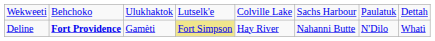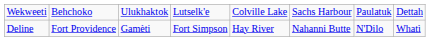 <table class="wikitable">
 <tr>
 <td><a href='#'>Wekweeti</a></td>
 <td><a href='#'>Behchoko</a></td>
 <td><a href='#'>Ulukhaktok</a></td>
 <td><a href='#'>Lutselk'e</a></td>
 <td><a href='#'>Colville Lake</a></td>
 <td><a href='#'>Sachs Harbour</a></td>
 <td><a href='#'>Paulatuk</a></td>
 <td><a href='#'>Dettah</a></td>
 </tr>
 <tr>
 <td><a href='#'>Deline</a></td>
-<td><strong><a href='#'>Fort Providence</a></strong></td>
+<td><a href='#'>Fort Providence</a></td>
 <td><a href='#'>Gamèti</a></td>
-<td style="background: khaki;"><a href='#'>Fort Simpson</a></td>
+<td><a href='#'>Fort Simpson</a></td>
 <td><a href='#'>Hay River</a></td>
 <td><a href='#'>Nahanni Butte</a></td>
 <td><a href='#'>N'Dilo</a></td>
 <td><a href='#'>Whatì</a></td>
 </tr>
 </table>
